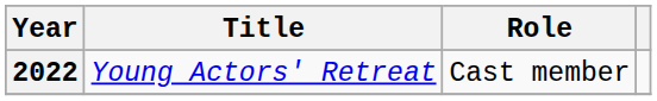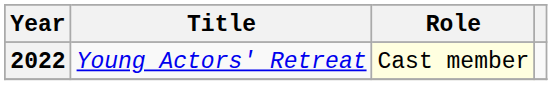 <table class="wikitable plainrowheaders">
 <tr>
 <th scope="col">Year</th>
 <th scope="col">Title</th>
 <th scope="col">Role</th>
 <th scope="col" class="unsortable"></th>
 </tr>
 <tr>
 <th scope="row">2022</th>
 <td><em><a href='#'>Young Actors' Retreat</a></em></td>
-<td>Cast member</td>
+<td style="background: lightyellow;">Cast member</td>
 <td></td>
 </tr>
 <tr>
 </tr>
 </table>
